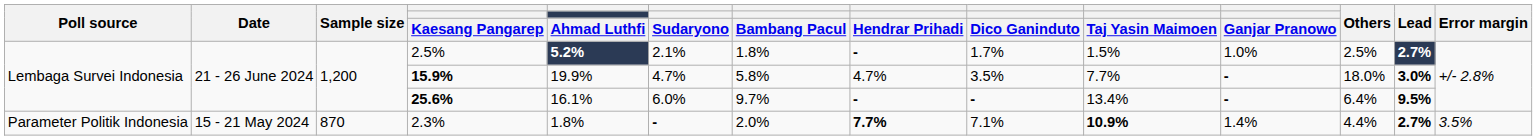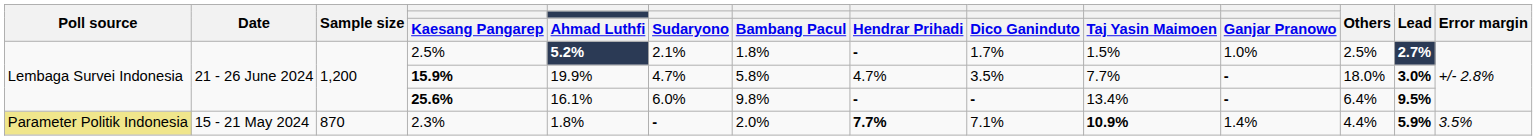 <table class="wikitable sortable">
 <tr>
 <th rowspan="3">Poll source</th>
 <th rowspan="3">Date</th>
 <th rowspan="3">Sample size</th>
 <th></th>
 <th></th>
 <th></th>
 <th></th>
 <th></th>
 <th></th>
 <th></th>
 <th></th>
 <th rowspan="3">Others</th>
 <th rowspan="3">Lead</th>
 <th rowspan="3">Error margin</th>
 </tr>
 <tr>
 <th style="background:"></th>
 <th style="background:#2B3A55;"></th>
 <th style="background:"></th>
 <th style="background:"></th>
 <th style="background:"></th>
 <th style="background:"></th>
 <th style="background:"></th>
 <th style="background:"></th>
 </tr>
 <tr>
 <th><a href='#'>Kaesang Pangarep</a></th>
 <th><a href='#'>Ahmad Luthfi</a></th>
 <th><a href='#'>Sudaryono</a></th>
 <th><a href='#'>Bambang Pacul</a></th>
 <th><a href='#'>Hendrar Prihadi</a></th>
 <th><a href='#'>Dico Ganinduto</a></th>
 <th><a href='#'>Taj Yasin Maimoen</a></th>
 <th><a href='#'>Ganjar Pranowo</a></th>
 </tr>
 <tr>
 <td rowspan="3">Lembaga Survei Indonesia</td>
 <td rowspan="3">21 - 26 June 2024</td>
 <td rowspan="3">1,200</td>
 <td>2.5% </td>
 <td style="background:#2B3A55;color:#FFFFFF;"><strong>5.2%</strong> </td>
 <td>2.1% </td>
 <td>1.8% </td>
 <td style="background:#"><strong>-</strong> </td>
 <td>1.7% </td>
 <td>1.5% </td>
 <td>1.0% </td>
 <td>2.5% </td>
 <td style="background:#2B3A55;color:#FFFFFF;"><strong>2.7%</strong></td>
 <td rowspan="3"><em>+/- 2.8%</em></td>
 </tr>
 <tr>
 <td style="background:#"><strong>15.9%</strong> </td>
 <td>19.9% </td>
 <td>4.7% </td>
 <td>5.8% </td>
 <td>4.7% </td>
 <td>3.5% </td>
 <td>7.7% </td>
 <td style="background:#"><strong>-</strong> </td>
 <td>18.0% </td>
 <td style="background:#"><strong>3.0%</strong></td>
 </tr>
 <tr>
 <td style="background:#"><strong>25.6%</strong> </td>
 <td>16.1% </td>
 <td>6.0% </td>
-<td>9.7% </td>
+<td>9.8% </td>
 <td style="background:#"><strong>-</strong> </td>
 <td style="background:#"><strong>-</strong> </td>
 <td>13.4% </td>
 <td style="background:#"><strong>-</strong> </td>
 <td>6.4% </td>
 <td style="background:#"><strong>9.5%</strong></td>
 </tr>
 <tr>
-<td>Parameter Politik Indonesia</td>
+<td style="background: khaki;">Parameter Politik Indonesia</td>
 <td>15 - 21 May 2024</td>
 <td>870</td>
 <td>2.3% </td>
 <td>1.8% </td>
 <td style="background:#"><strong>-</strong> </td>
 <td>2.0% </td>
 <td><strong>7.7% </strong></td>
 <td>7.1% </td>
 <td style="background:#"><strong>10.9%</strong> </td>
 <td>1.4% </td>
 <td>4.4% </td>
-<td style="background:#"><strong>2.7%</strong></td>
+<td style="background:#"><strong>5.9%</strong></td>
 <td><em>3.5%</em></td>
 </tr>
 </table>
